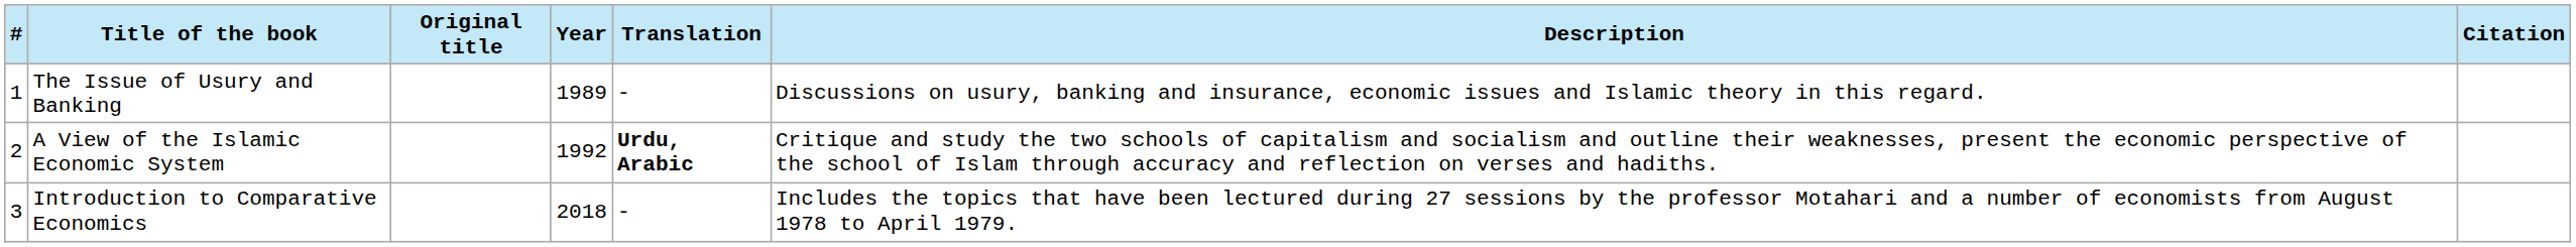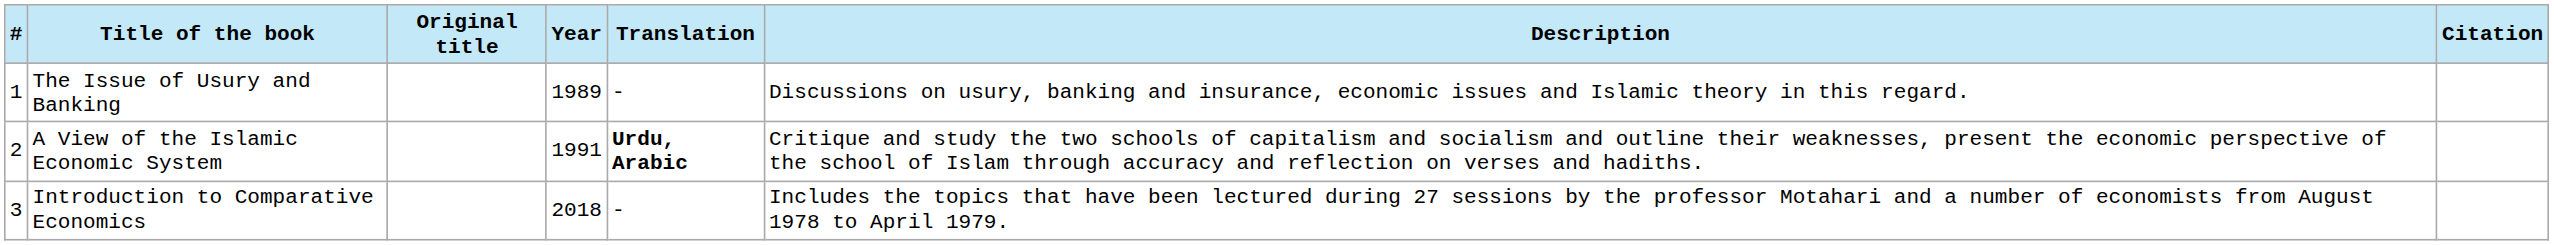 <table class="wikitable" style="background-color:#ffffff; color:#000000">
 <tr>
 <th style="background-color:#c3e8f7;">#</th>
 <th style="background-color:#c3e8f7;">Title of the book</th>
 <th style="background-color:#c3e8f7;">Original title</th>
 <th style="background-color:#c3e8f7;">Year</th>
 <th style="background-color:#c3e8f7;">Translation</th>
 <th style="background-color:#c3e8f7;">Description</th>
 <th style="background-color:#c3e8f7;">Citation</th>
 </tr>
 <tr>
 <td>1</td>
 <td>The Issue of Usury and Banking</td>
 <td></td>
 <td>1989</td>
 <td>-</td>
 <td>Discussions on usury, banking and insurance, economic issues and Islamic theory in this regard.</td>
 <td></td>
 </tr>
 <tr>
 <td>2</td>
 <td>A View of the Islamic Economic System</td>
 <td></td>
-<td>1992</td>
+<td>1991</td>
 <td><strong>Urdu, Arabic</strong></td>
 <td>Critique and study the two schools of capitalism and socialism and outline their weaknesses, present the economic perspective of the school of Islam through accuracy and reflection on verses and hadiths.</td>
 <td></td>
 </tr>
 <tr>
 <td>3</td>
 <td>Introduction to Comparative Economics</td>
 <td></td>
 <td>2018</td>
 <td>-</td>
 <td>Includes the topics that have been lectured during 27 sessions by the professor Motahari and a number of economists from August 1978 to April 1979.</td>
 <td></td>
 </tr>
 </table>
